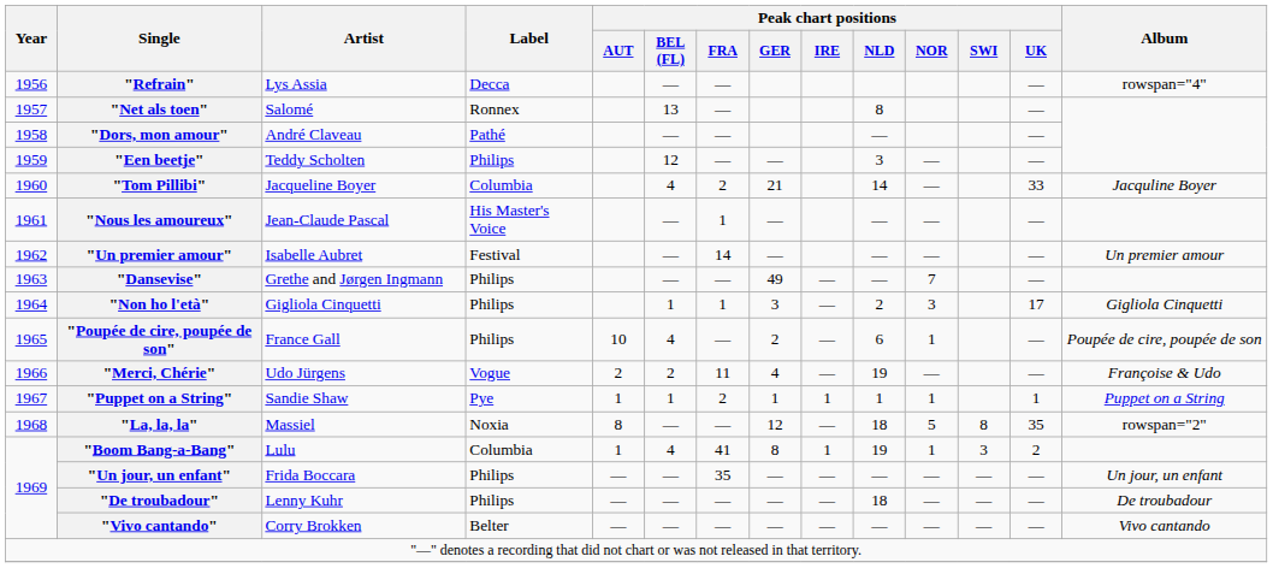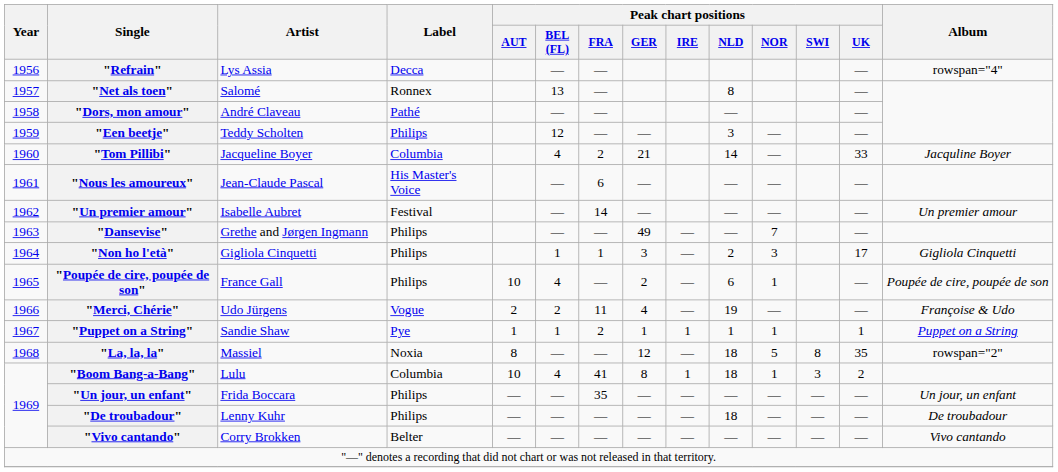 <table class="wikitable plainrowheaders" style="text-align:center;width:100%;">
 <tr>
 <th rowspan="2" style="width:35px;">Year</th>
 <th rowspan="2" style="width:10em;">Single</th>
 <th rowspan="2" style="width:10em;">Artist</th>
 <th rowspan="2" style="width:6em;">Label</th>
 <th colspan="9">Peak chart positions</th>
 <th rowspan="2" style="width:10em;">Album</th>
 </tr>
 <tr>
 <th scope="col" style="width:2.5em;font-size:90%;"><a href='#'>AUT</a><br></th>
 <th scope="col" style="width:2.5em;font-size:90%;"><a href='#'>BEL<br>(FL)</a><br></th>
 <th scope="col" style="width:2.5em;font-size:90%;"><a href='#'>FRA</a><br></th>
 <th scope="col" style="width:2.5em;font-size:90%;"><a href='#'>GER</a><br></th>
 <th scope="col" style="width:2.5em;font-size:90%;"><a href='#'>IRE</a><br></th>
 <th scope="col" style="width:2.5em;font-size:90%;"><a href='#'>NLD</a><br></th>
 <th scope="col" style="width:2.5em;font-size:90%;"><a href='#'>NOR</a><br></th>
 <th scope="col" style="width:2.5em;font-size:90%;"><a href='#'>SWI</a><br></th>
 <th scope="col" style="width:2.5em;font-size:90%;"><a href='#'>UK</a><br></th>
 </tr>
 <tr>
 <td><a href='#'>1956</a></td>
 <th scope="row">"<a href='#'>Refrain</a>"</th>
 <td style="text-align:left;"><a href='#'>Lys Assia</a></td>
 <td style="text-align:left;"><a href='#'>Decca</a></td>
 <td></td>
 <td>—</td>
 <td>—</td>
 <td></td>
 <td></td>
 <td></td>
 <td></td>
 <td></td>
 <td>—</td>
 <td>rowspan="4" </td>
 </tr>
 <tr>
 <td><a href='#'>1957</a></td>
 <th scope="row">"<a href='#'>Net als toen</a>"</th>
 <td style="text-align:left;"><a href='#'>Salomé</a></td>
 <td style="text-align:left;">Ronnex</td>
 <td></td>
 <td>13</td>
 <td>—</td>
 <td></td>
 <td></td>
 <td>8</td>
 <td></td>
 <td></td>
 <td>—</td>
 </tr>
 <tr>
 <td><a href='#'>1958</a></td>
 <th scope="row">"<a href='#'>Dors, mon amour</a>"</th>
 <td style="text-align:left;"><a href='#'>André Claveau</a></td>
 <td style="text-align:left;"><a href='#'>Pathé</a></td>
 <td></td>
 <td>—</td>
 <td>—</td>
 <td></td>
 <td></td>
 <td>—</td>
 <td></td>
 <td></td>
 <td>—</td>
 </tr>
 <tr>
 <td><a href='#'>1959</a></td>
 <th scope="row">"<a href='#'>Een beetje</a>"</th>
 <td style="text-align:left;"><a href='#'>Teddy Scholten</a></td>
 <td style="text-align:left;"><a href='#'>Philips</a></td>
 <td></td>
 <td>12</td>
 <td>—</td>
 <td>—</td>
 <td></td>
 <td>3</td>
 <td>—</td>
 <td></td>
 <td>—</td>
 </tr>
 <tr>
 <td><a href='#'>1960</a></td>
 <th scope="row">"<a href='#'>Tom Pillibi</a>"</th>
 <td style="text-align:left;"><a href='#'>Jacqueline Boyer</a></td>
 <td style="text-align:left;"><a href='#'>Columbia</a></td>
 <td></td>
 <td>4</td>
 <td>2</td>
 <td>21</td>
 <td></td>
 <td>14</td>
 <td>—</td>
 <td></td>
 <td>33</td>
 <td><em>Jacquline Boyer</em></td>
 </tr>
 <tr>
 <td><a href='#'>1961</a></td>
 <th scope="row">"<a href='#'>Nous les amoureux</a>"</th>
 <td style="text-align:left;"><a href='#'>Jean-Claude Pascal</a></td>
 <td style="text-align:left;"><a href='#'>His Master's Voice</a></td>
 <td></td>
 <td>—</td>
-<td>1</td>
+<td>6</td>
 <td>—</td>
 <td></td>
 <td>—</td>
 <td>—</td>
 <td></td>
 <td>—</td>
 <td></td>
 </tr>
 <tr>
 <td><a href='#'>1962</a></td>
 <th scope="row">"<a href='#'>Un premier amour</a>"</th>
 <td style="text-align:left;"><a href='#'>Isabelle Aubret</a></td>
 <td style="text-align:left;">Festival</td>
 <td></td>
 <td>—</td>
 <td>14</td>
 <td>—</td>
 <td></td>
 <td>—</td>
 <td>—</td>
 <td></td>
 <td>—</td>
 <td><em>Un premier amour</em></td>
 </tr>
 <tr>
 <td><a href='#'>1963</a></td>
 <th scope="row">"<a href='#'>Dansevise</a>"</th>
 <td style="text-align:left;"><a href='#'>Grethe</a> and <a href='#'>Jørgen Ingmann</a></td>
 <td style="text-align:left;">Philips</td>
 <td></td>
 <td>—</td>
 <td>—</td>
 <td>49</td>
 <td>—</td>
 <td>—</td>
 <td>7</td>
 <td></td>
 <td>—</td>
 <td></td>
 </tr>
 <tr>
 <td><a href='#'>1964</a></td>
 <th scope="row">"<a href='#'>Non ho l'età</a>"</th>
 <td style="text-align:left;"><a href='#'>Gigliola Cinquetti</a></td>
 <td style="text-align:left;">Philips</td>
 <td></td>
 <td>1</td>
 <td>1</td>
 <td>3</td>
 <td>—</td>
 <td>2</td>
 <td>3</td>
 <td></td>
 <td>17</td>
 <td><em>Gigliola Cinquetti</em></td>
 </tr>
 <tr>
 <td><a href='#'>1965</a></td>
 <th scope="row">"<a href='#'>Poupée de cire, poupée de son</a>"</th>
 <td style="text-align:left;"><a href='#'>France Gall</a></td>
 <td style="text-align:left;">Philips</td>
 <td>10</td>
 <td>4</td>
 <td>—</td>
 <td>2</td>
 <td>—</td>
 <td>6</td>
 <td>1</td>
 <td></td>
 <td>—</td>
 <td><em>Poupée de cire, poupée de son</em></td>
 </tr>
 <tr>
 <td><a href='#'>1966</a></td>
 <th scope="row">"<a href='#'>Merci, Chérie</a>"</th>
 <td style="text-align:left;"><a href='#'>Udo Jürgens</a></td>
 <td style="text-align:left;"><a href='#'>Vogue</a></td>
 <td>2</td>
 <td>2</td>
 <td>11</td>
 <td>4</td>
 <td>—</td>
 <td>19</td>
 <td>—</td>
 <td></td>
 <td>—</td>
 <td><em>Françoise & Udo</em></td>
 </tr>
 <tr>
 <td><a href='#'>1967</a></td>
 <th scope="row">"<a href='#'>Puppet on a String</a>"</th>
 <td style="text-align:left;"><a href='#'>Sandie Shaw</a></td>
 <td style="text-align:left;"><a href='#'>Pye</a></td>
 <td>1</td>
 <td>1</td>
 <td>2</td>
 <td>1</td>
 <td>1</td>
 <td>1</td>
 <td>1</td>
 <td></td>
 <td>1</td>
 <td><em><a href='#'>Puppet on a String</a></em></td>
 </tr>
 <tr>
 <td><a href='#'>1968</a></td>
 <th scope="row">"<a href='#'>La, la, la</a>"</th>
 <td style="text-align:left;"><a href='#'>Massiel</a></td>
 <td style="text-align:left;">Noxia</td>
 <td>8</td>
 <td>—</td>
 <td>—</td>
 <td>12</td>
 <td>—</td>
 <td>18</td>
 <td>5</td>
 <td>8</td>
 <td>35</td>
 <td>rowspan="2" </td>
 </tr>
 <tr>
 <td rowspan="4"><a href='#'>1969</a></td>
 <th scope="row">"<a href='#'>Boom Bang-a-Bang</a>"</th>
 <td style="text-align:left;"><a href='#'>Lulu</a></td>
 <td style="text-align:left;">Columbia</td>
-<td>1</td>
+<td>10</td>
 <td>4</td>
 <td>41</td>
 <td>8</td>
 <td>1</td>
-<td>19</td>
+<td>18</td>
 <td>1</td>
 <td>3</td>
 <td>2</td>
 </tr>
 <tr>
 <th scope="row">"<a href='#'>Un jour, un enfant</a>"</th>
 <td style="text-align:left;"><a href='#'>Frida Boccara</a></td>
 <td style="text-align:left;">Philips</td>
 <td>—</td>
 <td>—</td>
 <td>35</td>
 <td>—</td>
 <td>—</td>
 <td>—</td>
 <td>—</td>
 <td>—</td>
 <td>—</td>
 <td><em>Un jour, un enfant</em></td>
 </tr>
 <tr>
 <th scope="row">"<a href='#'>De troubadour</a>"</th>
 <td style="text-align:left;"><a href='#'>Lenny Kuhr</a></td>
 <td style="text-align:left;">Philips</td>
 <td>—</td>
 <td>—</td>
 <td>—</td>
 <td>—</td>
 <td>—</td>
 <td>18</td>
 <td>—</td>
 <td>—</td>
 <td>—</td>
 <td><em>De troubadour</em></td>
 </tr>
 <tr>
 <th scope="row">"<a href='#'>Vivo cantando</a>"</th>
 <td style="text-align:left;"><a href='#'>Corry Brokken</a></td>
 <td style="text-align:left;">Belter</td>
 <td>—</td>
 <td>—</td>
 <td>—</td>
 <td>—</td>
 <td>—</td>
 <td>—</td>
 <td>—</td>
 <td>—</td>
 <td>—</td>
 <td><em>Vivo cantando</em></td>
 </tr>
 <tr>
 <td colspan="16" style="font-size:90%">"—" denotes a recording that did not chart or was not released in that territory.</td>
 </tr>
 <tr>
 </tr>
 </table>
